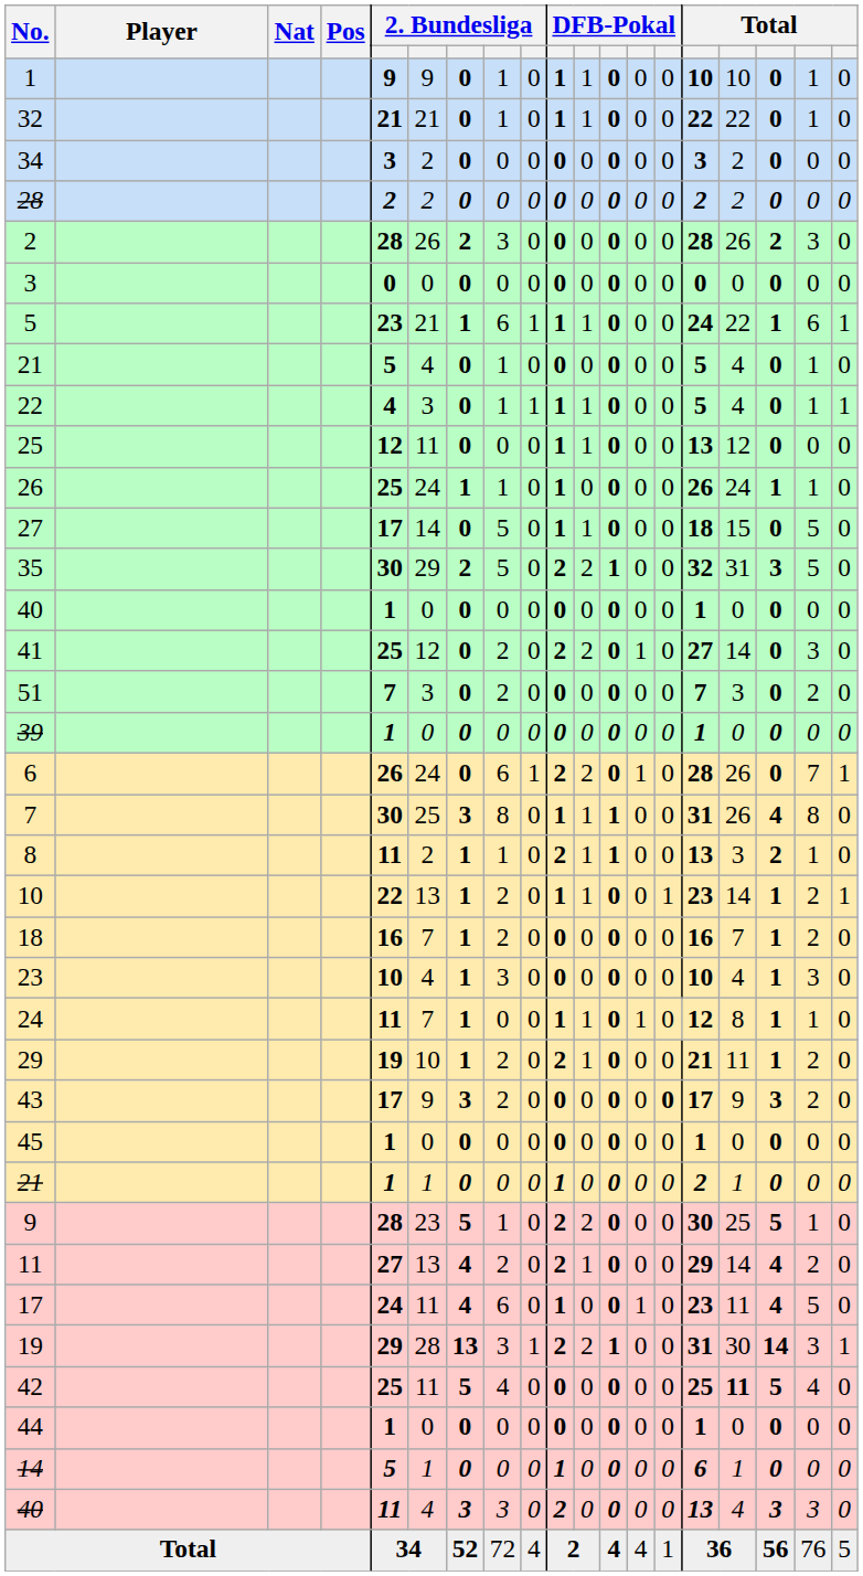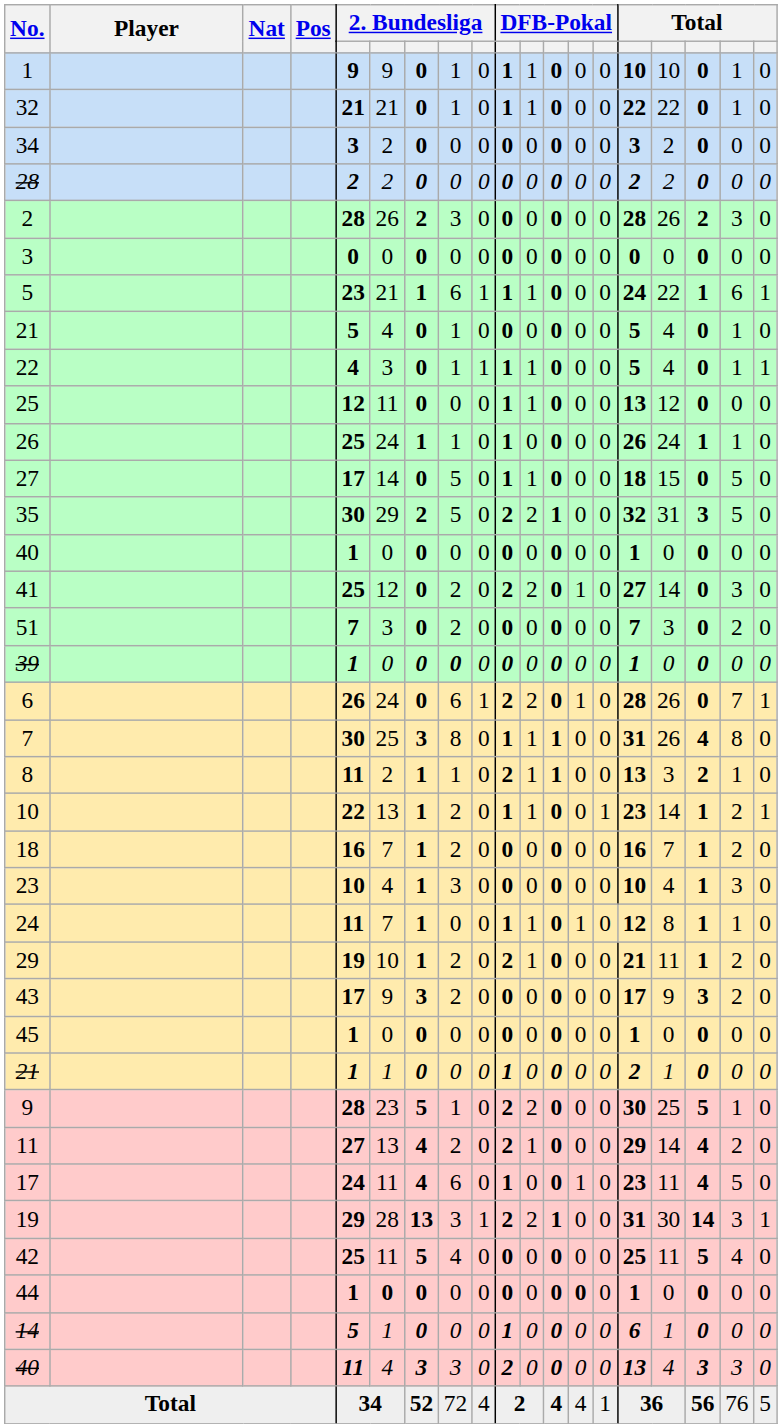 <table class="wikitable sortable nowrap" style=text-align:center>
 <tr>
 <th rowspan="2"><a href='#'>No.</a></th>
 <th rowspan="2" width=125>Player</th>
 <th rowspan="2"><a href='#'>Nat</a></th>
 <th rowspan="2" style="border-right: 1pt black solid"><a href='#'>Pos</a></th>
 <th colspan="5" style="border-right: 1pt black solid"><a href='#'>2. Bundesliga</a></th>
 <th colspan="5" style="border-right: 1pt black solid"><a href='#'>DFB-Pokal</a></th>
 <th colspan="5">Total</th>
 </tr>
 <tr>
 <th></th>
 <th></th>
 <th></th>
 <th></th>
 <th style="border-right: 1pt black solid"></th>
 <th></th>
 <th></th>
 <th></th>
 <th></th>
 <th style="border-right: 1pt black solid"></th>
 <th></th>
 <th></th>
 <th></th>
 <th></th>
 <th></th>
 </tr>
 <tr style="background:#c7dff8">
 <td>1</td>
 <td align="left"></td>
 <td></td>
 <td style="border-right: 1pt black solid"></td>
 <td><strong>9</strong></td>
 <td>9</td>
 <td><strong>0</strong></td>
 <td>1</td>
 <td style="border-right: 1pt black solid">0</td>
 <td><strong>1</strong></td>
 <td>1</td>
 <td><strong>0</strong></td>
 <td>0</td>
 <td style="border-right: 1pt black solid">0</td>
 <td><strong>10</strong></td>
 <td>10</td>
 <td><strong>0</strong></td>
 <td>1</td>
 <td>0</td>
 </tr>
 <tr style="background:#c7dff8">
 <td>32</td>
 <td align="left"></td>
 <td></td>
 <td style="border-right: 1pt black solid"></td>
 <td><strong>21</strong></td>
 <td>21</td>
 <td><strong>0</strong></td>
 <td>1</td>
 <td style="border-right: 1pt black solid">0</td>
 <td><strong>1</strong></td>
 <td>1</td>
 <td><strong>0</strong></td>
 <td>0</td>
 <td style="border-right: 1pt black solid">0</td>
 <td><strong>22</strong></td>
 <td>22</td>
 <td><strong>0</strong></td>
 <td>1</td>
 <td>0</td>
 </tr>
 <tr style="background:#c7dff8">
 <td>34</td>
 <td align="left"></td>
 <td></td>
 <td style="border-right: 1pt black solid"></td>
 <td><strong>3</strong></td>
 <td>2</td>
 <td><strong>0</strong></td>
 <td>0</td>
 <td style="border-right: 1pt black solid">0</td>
 <td><strong>0</strong></td>
 <td>0</td>
 <td><strong>0</strong></td>
 <td>0</td>
 <td style="border-right: 1pt black solid">0</td>
 <td><strong>3</strong></td>
 <td>2</td>
 <td><strong>0</strong></td>
 <td>0</td>
 <td>0</td>
 </tr>
 <tr style="font-style:italic; background:#c7dff8;">
 <td><s>28</s></td>
 <td align="left"></td>
 <td></td>
 <td style="border-right: 1pt black solid"></td>
 <td><strong>2</strong></td>
 <td>2</td>
 <td><strong>0</strong></td>
 <td>0</td>
 <td style="border-right: 1pt black solid">0</td>
 <td><strong>0</strong></td>
 <td>0</td>
 <td><strong>0</strong></td>
 <td>0</td>
 <td style="border-right: 1pt black solid">0</td>
 <td><strong>2</strong></td>
 <td>2</td>
 <td><strong>0</strong></td>
 <td>0</td>
 <td>0</td>
 </tr>
 <tr style="background:#b9ffc5">
 <td>2</td>
 <td align="left"></td>
 <td></td>
 <td style="border-right: 1pt black solid"></td>
 <td><strong>28</strong></td>
 <td>26</td>
 <td><strong>2</strong></td>
 <td>3</td>
 <td style="border-right: 1pt black solid">0</td>
 <td><strong>0</strong></td>
 <td>0</td>
 <td><strong>0</strong></td>
 <td>0</td>
 <td style="border-right: 1pt black solid">0</td>
 <td><strong>28</strong></td>
 <td>26</td>
 <td><strong>2</strong></td>
 <td>3</td>
 <td>0</td>
 </tr>
 <tr style="background:#b9ffc5">
 <td>3</td>
 <td align="left"></td>
 <td></td>
 <td style="border-right: 1pt black solid"></td>
 <td><strong>0</strong></td>
 <td>0</td>
 <td><strong>0</strong></td>
 <td>0</td>
 <td style="border-right: 1pt black solid">0</td>
 <td><strong>0</strong></td>
 <td>0</td>
 <td><strong>0</strong></td>
 <td>0</td>
 <td style="border-right: 1pt black solid">0</td>
 <td><strong>0</strong></td>
 <td>0</td>
 <td><strong>0</strong></td>
 <td>0</td>
 <td>0</td>
 </tr>
 <tr style="background:#b9ffc5">
 <td>5</td>
 <td align="left"></td>
 <td></td>
 <td style="border-right: 1pt black solid"></td>
 <td><strong>23</strong></td>
 <td>21</td>
 <td><strong>1</strong></td>
 <td>6</td>
 <td style="border-right: 1pt black solid">1</td>
 <td><strong>1</strong></td>
 <td>1</td>
 <td><strong>0</strong></td>
 <td>0</td>
 <td style="border-right: 1pt black solid">0</td>
 <td><strong>24</strong></td>
 <td>22</td>
 <td><strong>1</strong></td>
 <td>6</td>
 <td>1</td>
 </tr>
 <tr style="background:#b9ffc5">
 <td>21</td>
 <td align="left"></td>
 <td></td>
 <td style="border-right: 1pt black solid"></td>
 <td><strong>5</strong></td>
 <td>4</td>
 <td><strong>0</strong></td>
 <td>1</td>
 <td style="border-right: 1pt black solid">0</td>
 <td><strong>0</strong></td>
 <td>0</td>
 <td><strong>0</strong></td>
 <td>0</td>
 <td style="border-right: 1pt black solid">0</td>
 <td><strong>5</strong></td>
 <td>4</td>
 <td><strong>0</strong></td>
 <td>1</td>
 <td>0</td>
 </tr>
 <tr style="background:#b9ffc5">
 <td>22</td>
 <td align="left"></td>
 <td></td>
 <td style="border-right: 1pt black solid"></td>
 <td><strong>4</strong></td>
 <td>3</td>
 <td><strong>0</strong></td>
 <td>1</td>
 <td style="border-right: 1pt black solid">1</td>
 <td><strong>1</strong></td>
 <td>1</td>
 <td><strong>0</strong></td>
 <td>0</td>
 <td style="border-right: 1pt black solid">0</td>
 <td><strong>5</strong></td>
 <td>4</td>
 <td><strong>0</strong></td>
 <td>1</td>
 <td>1</td>
 </tr>
 <tr style="background:#b9ffc5">
 <td>25</td>
 <td align="left"></td>
 <td></td>
 <td style="border-right: 1pt black solid"></td>
 <td><strong>12</strong></td>
 <td>11</td>
 <td><strong>0</strong></td>
 <td>0</td>
 <td style="border-right: 1pt black solid">0</td>
 <td><strong>1</strong></td>
 <td>1</td>
 <td><strong>0</strong></td>
 <td>0</td>
 <td style="border-right: 1pt black solid">0</td>
 <td><strong>13</strong></td>
 <td>12</td>
 <td><strong>0</strong></td>
 <td>0</td>
 <td>0</td>
 </tr>
 <tr style="background:#b9ffc5">
 <td>26</td>
 <td align="left"></td>
 <td></td>
 <td style="border-right: 1pt black solid"></td>
 <td><strong>25</strong></td>
 <td>24</td>
 <td><strong>1</strong></td>
 <td>1</td>
 <td style="border-right: 1pt black solid">0</td>
 <td><strong>1</strong></td>
 <td>0</td>
 <td><strong>0</strong></td>
 <td>0</td>
 <td style="border-right: 1pt black solid">0</td>
 <td><strong>26</strong></td>
 <td>24</td>
 <td><strong>1</strong></td>
 <td>1</td>
 <td>0</td>
 </tr>
 <tr style="background:#b9ffc5">
 <td>27</td>
 <td align="left"></td>
 <td></td>
 <td style="border-right: 1pt black solid"></td>
 <td><strong>17</strong></td>
 <td>14</td>
 <td><strong>0</strong></td>
 <td>5</td>
 <td style="border-right: 1pt black solid">0</td>
 <td><strong>1</strong></td>
 <td>1</td>
 <td><strong>0</strong></td>
 <td>0</td>
 <td style="border-right: 1pt black solid">0</td>
 <td><strong>18</strong></td>
 <td>15</td>
 <td><strong>0</strong></td>
 <td>5</td>
 <td>0</td>
 </tr>
 <tr style="background:#b9ffc5">
 <td>35</td>
 <td align="left"></td>
 <td></td>
 <td style="border-right: 1pt black solid"></td>
 <td><strong>30</strong></td>
 <td>29</td>
 <td><strong>2</strong></td>
 <td>5</td>
 <td style="border-right: 1pt black solid">0</td>
 <td><strong>2</strong></td>
 <td>2</td>
 <td><strong>1</strong></td>
 <td>0</td>
 <td style="border-right: 1pt black solid">0</td>
 <td><strong>32</strong></td>
 <td>31</td>
 <td><strong>3</strong></td>
 <td>5</td>
 <td>0</td>
 </tr>
 <tr style="background:#b9ffc5">
 <td>40</td>
 <td align="left"></td>
 <td></td>
 <td style="border-right: 1pt black solid"></td>
 <td><strong>1</strong></td>
 <td>0</td>
 <td><strong>0</strong></td>
 <td>0</td>
 <td style="border-right: 1pt black solid">0</td>
 <td><strong>0</strong></td>
 <td>0</td>
 <td><strong>0</strong></td>
 <td>0</td>
 <td style="border-right: 1pt black solid">0</td>
 <td><strong>1</strong></td>
 <td>0</td>
 <td><strong>0</strong></td>
 <td>0</td>
 <td>0</td>
 </tr>
 <tr style="background:#b9ffc5">
 <td>41</td>
 <td align="left"></td>
 <td></td>
 <td style="border-right: 1pt black solid"></td>
 <td><strong>25</strong></td>
 <td>12</td>
 <td><strong>0</strong></td>
 <td>2</td>
 <td style="border-right: 1pt black solid">0</td>
 <td><strong>2</strong></td>
 <td>2</td>
 <td><strong>0</strong></td>
 <td>1</td>
 <td style="border-right: 1pt black solid">0</td>
 <td><strong>27</strong></td>
 <td>14</td>
 <td><strong>0</strong></td>
 <td>3</td>
 <td>0</td>
 </tr>
 <tr style="background:#b9ffc5">
 <td>51</td>
 <td align="left"></td>
 <td></td>
 <td style="border-right: 1pt black solid"></td>
 <td><strong>7</strong></td>
 <td>3</td>
 <td><strong>0</strong></td>
 <td>2</td>
 <td style="border-right: 1pt black solid">0</td>
 <td><strong>0</strong></td>
 <td>0</td>
 <td><strong>0</strong></td>
 <td>0</td>
 <td style="border-right: 1pt black solid">0</td>
 <td><strong>7</strong></td>
 <td>3</td>
 <td><strong>0</strong></td>
 <td>2</td>
 <td>0</td>
 </tr>
 <tr style="font-style:italic; background:#b9ffc5;">
 <td><s>39</s></td>
 <td align="left"></td>
 <td></td>
 <td style="border-right: 1pt black solid"></td>
 <td><strong>1</strong></td>
 <td>0</td>
 <td><strong>0</strong></td>
-<td>0</td>
+<td><strong>0</strong></td>
 <td style="border-right: 1pt black solid">0</td>
 <td><strong>0</strong></td>
 <td>0</td>
 <td><strong>0</strong></td>
 <td>0</td>
 <td style="border-right: 1pt black solid">0</td>
 <td><strong>1</strong></td>
 <td>0</td>
 <td><strong>0</strong></td>
 <td>0</td>
 <td>0</td>
 </tr>
 <tr style="background:#ffebad">
 <td>6</td>
 <td align="left"></td>
 <td></td>
 <td style="border-right: 1pt black solid"></td>
 <td><strong>26</strong></td>
 <td>24</td>
 <td><strong>0</strong></td>
 <td>6</td>
 <td style="border-right: 1pt black solid">1</td>
 <td><strong>2</strong></td>
 <td>2</td>
 <td><strong>0</strong></td>
 <td>1</td>
 <td style="border-right: 1pt black solid">0</td>
 <td><strong>28</strong></td>
 <td>26</td>
 <td><strong>0</strong></td>
 <td>7</td>
 <td>1</td>
 </tr>
 <tr style="background:#ffebad">
 <td>7</td>
 <td align="left"></td>
 <td></td>
 <td style="border-right: 1pt black solid"></td>
 <td><strong>30</strong></td>
 <td>25</td>
 <td><strong>3</strong></td>
 <td>8</td>
 <td style="border-right: 1pt black solid">0</td>
 <td><strong>1</strong></td>
 <td>1</td>
 <td><strong>1</strong></td>
 <td>0</td>
 <td style="border-right: 1pt black solid">0</td>
 <td><strong>31</strong></td>
 <td>26</td>
 <td><strong>4</strong></td>
 <td>8</td>
 <td>0</td>
 </tr>
 <tr style="background:#ffebad">
 <td>8</td>
 <td align="left"></td>
 <td></td>
 <td style="border-right: 1pt black solid"></td>
 <td><strong>11</strong></td>
 <td>2</td>
 <td><strong>1</strong></td>
 <td>1</td>
 <td style="border-right: 1pt black solid">0</td>
 <td><strong>2</strong></td>
 <td>1</td>
 <td><strong>1</strong></td>
 <td>0</td>
 <td style="border-right: 1pt black solid">0</td>
 <td><strong>13</strong></td>
 <td>3</td>
 <td><strong>2</strong></td>
 <td>1</td>
 <td>0</td>
 </tr>
 <tr style="background:#ffebad">
 <td>10</td>
 <td align="left"></td>
 <td></td>
 <td style="border-right: 1pt black solid"></td>
 <td><strong>22</strong></td>
 <td>13</td>
 <td><strong>1</strong></td>
 <td>2</td>
 <td style="border-right: 1pt black solid">0</td>
 <td><strong>1</strong></td>
 <td>1</td>
 <td><strong>0</strong></td>
 <td>0</td>
 <td style="border-right: 1pt black solid">1</td>
 <td><strong>23</strong></td>
 <td>14</td>
 <td><strong>1</strong></td>
 <td>2</td>
 <td>1</td>
 </tr>
 <tr style="background:#ffebad">
 <td>18</td>
 <td align="left"></td>
 <td></td>
 <td style="border-right: 1pt black solid"></td>
 <td><strong>16</strong></td>
 <td>7</td>
 <td><strong>1</strong></td>
 <td>2</td>
 <td style="border-right: 1pt black solid">0</td>
 <td><strong>0</strong></td>
 <td>0</td>
 <td><strong>0</strong></td>
 <td>0</td>
 <td style="border-right: 1pt black solid">0</td>
 <td><strong>16</strong></td>
 <td>7</td>
 <td><strong>1</strong></td>
 <td>2</td>
 <td>0</td>
 </tr>
 <tr style="background:#ffebad">
 <td>23</td>
 <td align="left"></td>
 <td></td>
 <td style="border-right: 1pt black solid"></td>
 <td><strong>10</strong></td>
 <td>4</td>
 <td><strong>1</strong></td>
 <td>3</td>
 <td style="border-right: 1pt black solid">0</td>
 <td><strong>0</strong></td>
 <td>0</td>
 <td><strong>0</strong></td>
 <td>0</td>
 <td style="border-right: 1pt black solid">0</td>
 <td><strong>10</strong></td>
 <td>4</td>
 <td><strong>1</strong></td>
 <td>3</td>
 <td>0</td>
 </tr>
 <tr style="background:#ffebad">
 <td>24</td>
 <td align="left"></td>
 <td></td>
 <td style="border-right: 1pt black solid"></td>
 <td><strong>11</strong></td>
 <td>7</td>
 <td><strong>1</strong></td>
 <td>0</td>
 <td style="border-right: 1pt black solid">0</td>
 <td><strong>1</strong></td>
 <td>1</td>
 <td><strong>0</strong></td>
 <td>1</td>
 <td>0</td>
 <td><strong>12</strong></td>
 <td>8</td>
 <td><strong>1</strong></td>
 <td>1</td>
 <td>0</td>
 </tr>
 <tr style="background:#ffebad">
 <td>29</td>
 <td align="left"></td>
 <td></td>
 <td style="border-right: 1pt black solid"></td>
 <td><strong>19</strong></td>
 <td>10</td>
 <td><strong>1</strong></td>
 <td>2</td>
 <td style="border-right: 1pt black solid">0</td>
 <td><strong>2</strong></td>
 <td>1</td>
 <td><strong>0</strong></td>
 <td>0</td>
 <td style="border-right: 1pt black solid">0</td>
 <td><strong>21</strong></td>
 <td>11</td>
 <td><strong>1</strong></td>
 <td>2</td>
 <td>0</td>
 </tr>
 <tr style="background:#ffebad">
 <td>43</td>
 <td align="left"></td>
 <td></td>
 <td style="border-right: 1pt black solid"></td>
 <td><strong>17</strong></td>
 <td>9</td>
 <td><strong>3</strong></td>
 <td>2</td>
 <td style="border-right: 1pt black solid">0</td>
 <td><strong>0</strong></td>
 <td>0</td>
 <td><strong>0</strong></td>
 <td>0</td>
-<td style="border-right: 1pt black solid"><strong>0</strong></td>
+<td style="border-right: 1pt black solid">0</td>
 <td><strong>17</strong></td>
 <td>9</td>
 <td><strong>3</strong></td>
 <td>2</td>
 <td>0</td>
 </tr>
 <tr style="background:#ffebad">
 <td>45</td>
 <td align="left"></td>
 <td></td>
 <td style="border-right: 1pt black solid"></td>
 <td><strong>1</strong></td>
 <td>0</td>
 <td><strong>0</strong></td>
 <td>0</td>
 <td style="border-right: 1pt black solid">0</td>
 <td><strong>0</strong></td>
 <td>0</td>
 <td><strong>0</strong></td>
 <td>0</td>
 <td style="border-right: 1pt black solid">0</td>
 <td><strong>1</strong></td>
 <td>0</td>
 <td><strong>0</strong></td>
 <td>0</td>
 <td>0</td>
 </tr>
 <tr style="font-style:italic; background:#ffebad;">
 <td><s>21</s></td>
 <td align="left"></td>
 <td></td>
 <td style="border-right: 1pt black solid"></td>
 <td><strong>1</strong></td>
 <td>1</td>
 <td><strong>0</strong></td>
 <td>0</td>
 <td style="border-right: 1pt black solid">0</td>
 <td><strong>1</strong></td>
 <td>0</td>
 <td><strong>0</strong></td>
 <td>0</td>
 <td style="border-right: 1pt black solid">0</td>
 <td><strong>2</strong></td>
 <td>1</td>
 <td><strong>0</strong></td>
 <td>0</td>
 <td>0</td>
 </tr>
 <tr style="background:#ffcbcb">
 <td>9</td>
 <td align="left"></td>
 <td></td>
 <td style="border-right: 1pt black solid"></td>
 <td><strong>28</strong></td>
 <td>23</td>
 <td><strong>5</strong></td>
 <td>1</td>
 <td style="border-right: 1pt black solid">0</td>
 <td><strong>2</strong></td>
 <td>2</td>
 <td><strong>0</strong></td>
 <td>0</td>
 <td style="border-right: 1pt black solid">0</td>
 <td><strong>30</strong></td>
 <td>25</td>
 <td><strong>5</strong></td>
 <td>1</td>
 <td>0</td>
 </tr>
 <tr style="background:#ffcbcb">
 <td>11</td>
 <td align="left"></td>
 <td></td>
 <td style="border-right: 1pt black solid"></td>
 <td><strong>27</strong></td>
 <td>13</td>
 <td><strong>4</strong></td>
 <td>2</td>
 <td style="border-right: 1pt black solid">0</td>
 <td><strong>2</strong></td>
 <td>1</td>
 <td><strong>0</strong></td>
 <td>0</td>
 <td style="border-right: 1pt black solid">0</td>
 <td><strong>29</strong></td>
 <td>14</td>
 <td><strong>4</strong></td>
 <td>2</td>
 <td>0</td>
 </tr>
 <tr style="background:#ffcbcb">
 <td>17</td>
 <td align="left"></td>
 <td></td>
 <td style="border-right: 1pt black solid"></td>
 <td><strong>24</strong></td>
 <td>11</td>
 <td><strong>4</strong></td>
 <td>6</td>
 <td style="border-right: 1pt black solid">0</td>
 <td><strong>1</strong></td>
 <td>0</td>
 <td><strong>0</strong></td>
 <td>1</td>
 <td style="border-right: 1pt black solid">0</td>
 <td><strong>23</strong></td>
 <td>11</td>
 <td><strong>4</strong></td>
 <td>5</td>
 <td>0</td>
 </tr>
 <tr style="background:#ffcbcb">
 <td>19</td>
 <td align="left"></td>
 <td></td>
 <td style="border-right: 1pt black solid"></td>
 <td><strong>29</strong></td>
 <td>28</td>
 <td><strong>13</strong></td>
 <td>3</td>
 <td style="border-right: 1pt black solid">1</td>
 <td><strong>2</strong></td>
 <td>2</td>
 <td><strong>1</strong></td>
 <td>0</td>
 <td style="border-right: 1pt black solid">0</td>
 <td><strong>31</strong></td>
 <td>30</td>
 <td><strong>14</strong></td>
 <td>3</td>
 <td>1</td>
 </tr>
 <tr style="background:#ffcbcb">
 <td>42</td>
 <td align="left"></td>
 <td></td>
 <td style="border-right: 1pt black solid"></td>
 <td><strong>25</strong></td>
 <td>11</td>
 <td><strong>5</strong></td>
 <td>4</td>
 <td style="border-right: 1pt black solid">0</td>
 <td><strong>0</strong></td>
 <td>0</td>
 <td><strong>0</strong></td>
 <td>0</td>
 <td style="border-right: 1pt black solid">0</td>
 <td><strong>25</strong></td>
-<td><strong>11</strong></td>
+<td>11</td>
 <td><strong>5</strong></td>
 <td>4</td>
 <td>0</td>
 </tr>
 <tr style="background:#ffcbcb">
 <td>44</td>
 <td align="left"></td>
 <td></td>
 <td style="border-right: 1pt black solid"></td>
 <td><strong>1</strong></td>
-<td>0</td>
+<td><strong>0</strong></td>
 <td><strong>0</strong></td>
 <td>0</td>
 <td style="border-right: 1pt black solid">0</td>
 <td><strong>0</strong></td>
 <td>0</td>
 <td><strong>0</strong></td>
-<td>0</td>
+<td><strong>0</strong></td>
 <td style="border-right: 1pt black solid">0</td>
 <td><strong>1</strong></td>
 <td>0</td>
 <td><strong>0</strong></td>
 <td>0</td>
 <td>0</td>
 </tr>
 <tr style="font-style:italic; background:#ffcbcb;">
 <td><s>14</s></td>
 <td align="left"></td>
 <td></td>
 <td style="border-right: 1pt black solid"></td>
 <td><strong>5</strong></td>
 <td>1</td>
 <td><strong>0</strong></td>
 <td>0</td>
 <td style="border-right: 1pt black solid">0</td>
 <td><strong>1</strong></td>
 <td>0</td>
 <td><strong>0</strong></td>
 <td>0</td>
 <td style="border-right: 1pt black solid">0</td>
 <td><strong>6</strong></td>
 <td>1</td>
 <td><strong>0</strong></td>
 <td>0</td>
 <td>0</td>
 </tr>
 <tr style="font-style:italic; background:#ffcbcb;">
 <td><s>40</s></td>
 <td align="left"></td>
 <td></td>
 <td style="border-right: 1pt black solid"></td>
 <td><strong>11</strong></td>
 <td>4</td>
 <td><strong>3</strong></td>
 <td>3</td>
 <td style="border-right: 1pt black solid">0</td>
 <td><strong>2</strong></td>
 <td>0</td>
 <td><strong>0</strong></td>
 <td>0</td>
 <td style="border-right: 1pt black solid">0</td>
 <td><strong>13</strong></td>
 <td>4</td>
 <td><strong>3</strong></td>
 <td>3</td>
 <td>0</td>
 </tr>
 <tr class="sortbottom" style="background:#efefef">
 <td colspan="4" style="border-right: 1pt black solid"><strong>Total</strong></td>
 <td colspan="2"><strong>34</strong></td>
 <td><strong>52</strong></td>
 <td>72</td>
 <td style="border-right: 1pt black solid">4</td>
 <td colspan="2"><strong>2</strong></td>
 <td><strong>4</strong></td>
 <td>4</td>
 <td style="border-right: 1pt black solid">1</td>
 <td colspan="2"><strong>36</strong></td>
 <td><strong>56</strong></td>
 <td>76</td>
 <td>5</td>
 </tr>
 </table>
